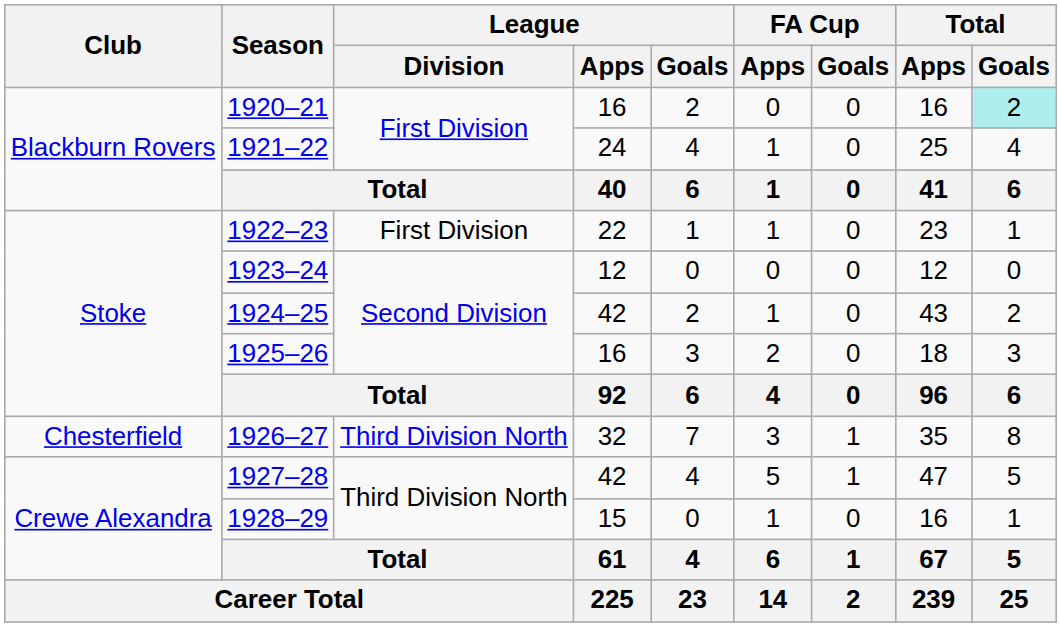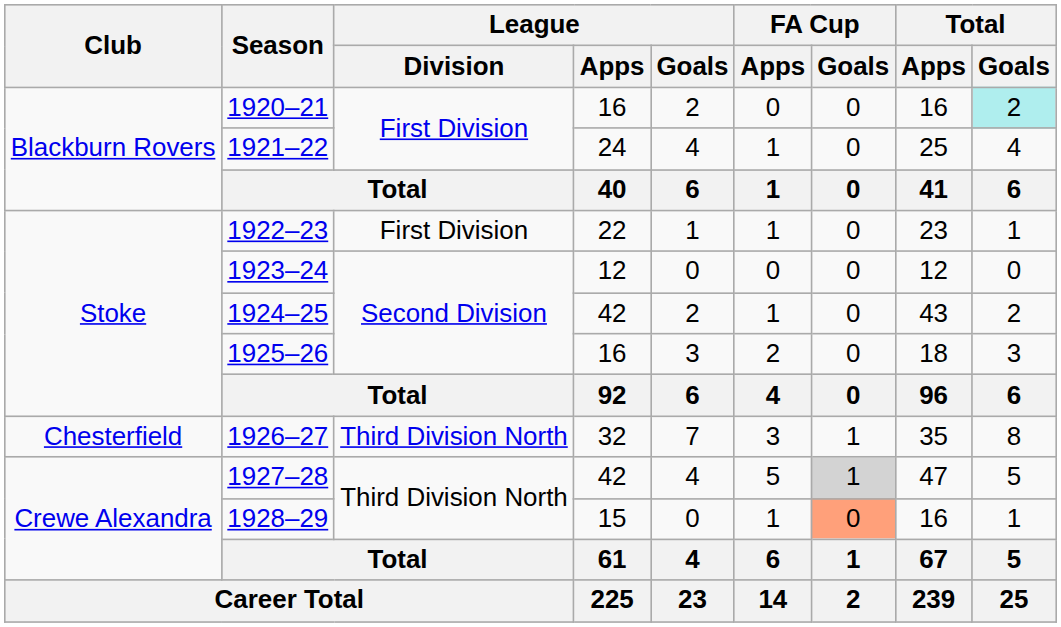 <table class="wikitable" style="text-align: center;">
 <tr>
 <th rowspan="2">Club</th>
 <th rowspan="2">Season</th>
 <th colspan="3">League</th>
 <th colspan="2">FA Cup</th>
 <th colspan="2">Total</th>
 </tr>
 <tr>
 <th>Division</th>
 <th>Apps</th>
 <th>Goals</th>
 <th>Apps</th>
 <th>Goals</th>
 <th>Apps</th>
 <th>Goals</th>
 </tr>
 <tr>
 <td rowspan="3"><a href='#'>Blackburn Rovers</a></td>
 <td><a href='#'>1920–21</a></td>
 <td rowspan="2"><a href='#'>First Division</a></td>
 <td>16</td>
 <td>2</td>
 <td>0</td>
 <td>0</td>
 <td>16</td>
 <td style="background: paleturquoise;">2</td>
 </tr>
 <tr>
 <td><a href='#'>1921–22</a></td>
 <td>24</td>
 <td>4</td>
 <td>1</td>
 <td>0</td>
 <td>25</td>
 <td>4</td>
 </tr>
 <tr>
 <th colspan=2>Total</th>
 <th>40</th>
 <th>6</th>
 <th>1</th>
 <th>0</th>
 <th>41</th>
 <th>6</th>
 </tr>
 <tr>
 <td rowspan="5"><a href='#'>Stoke</a></td>
 <td><a href='#'>1922–23</a></td>
 <td>First Division</td>
 <td>22</td>
 <td>1</td>
 <td>1</td>
 <td>0</td>
 <td>23</td>
 <td>1</td>
 </tr>
 <tr>
 <td><a href='#'>1923–24</a></td>
 <td rowspan="3"><a href='#'>Second Division</a></td>
 <td>12</td>
 <td>0</td>
 <td>0</td>
 <td>0</td>
 <td>12</td>
 <td>0</td>
 </tr>
 <tr>
 <td><a href='#'>1924–25</a></td>
 <td>42</td>
 <td>2</td>
 <td>1</td>
 <td>0</td>
 <td>43</td>
 <td>2</td>
 </tr>
 <tr>
 <td><a href='#'>1925–26</a></td>
 <td>16</td>
 <td>3</td>
 <td>2</td>
 <td>0</td>
 <td>18</td>
 <td>3</td>
 </tr>
 <tr>
 <th colspan=2>Total</th>
 <th>92</th>
 <th>6</th>
 <th>4</th>
 <th>0</th>
 <th>96</th>
 <th>6</th>
 </tr>
 <tr>
 <td><a href='#'>Chesterfield</a></td>
 <td><a href='#'>1926–27</a></td>
 <td><a href='#'>Third Division North</a></td>
 <td>32</td>
 <td>7</td>
 <td>3</td>
 <td>1</td>
 <td>35</td>
 <td>8</td>
 </tr>
 <tr>
 <td rowspan="3"><a href='#'>Crewe Alexandra</a></td>
 <td><a href='#'>1927–28</a></td>
 <td rowspan="2">Third Division North</td>
 <td>42</td>
 <td>4</td>
 <td>5</td>
-<td>1</td>
+<td style="background: lightgrey;">1</td>
 <td>47</td>
 <td>5</td>
 </tr>
 <tr>
 <td><a href='#'>1928–29</a></td>
 <td>15</td>
 <td>0</td>
 <td>1</td>
-<td>0</td>
+<td style="background: lightsalmon;">0</td>
 <td>16</td>
 <td>1</td>
 </tr>
 <tr>
 <th colspan=2>Total</th>
 <th>61</th>
 <th>4</th>
 <th>6</th>
 <th>1</th>
 <th>67</th>
 <th>5</th>
 </tr>
 <tr>
 <th colspan="3">Career Total</th>
 <th>225</th>
 <th>23</th>
 <th>14</th>
 <th>2</th>
 <th>239</th>
 <th>25</th>
 </tr>
 </table>
